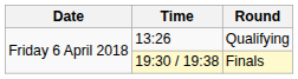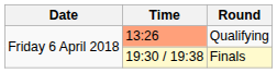 <table class="wikitable">
 <tr>
 <th>Date</th>
 <th>Time</th>
 <th>Round</th>
 </tr>
 <tr>
 <td rowspan=2>Friday 6 April 2018</td>
-<td>13:26</td>
+<td style="background: lightsalmon;">13:26</td>
 <td>Qualifying</td>
 </tr>
 <tr>
 <td style=background:lemonchiffon>19:30 / 19:38</td>
 <td style=background:lemonchiffon>Finals</td>
 </tr>
 </table>
